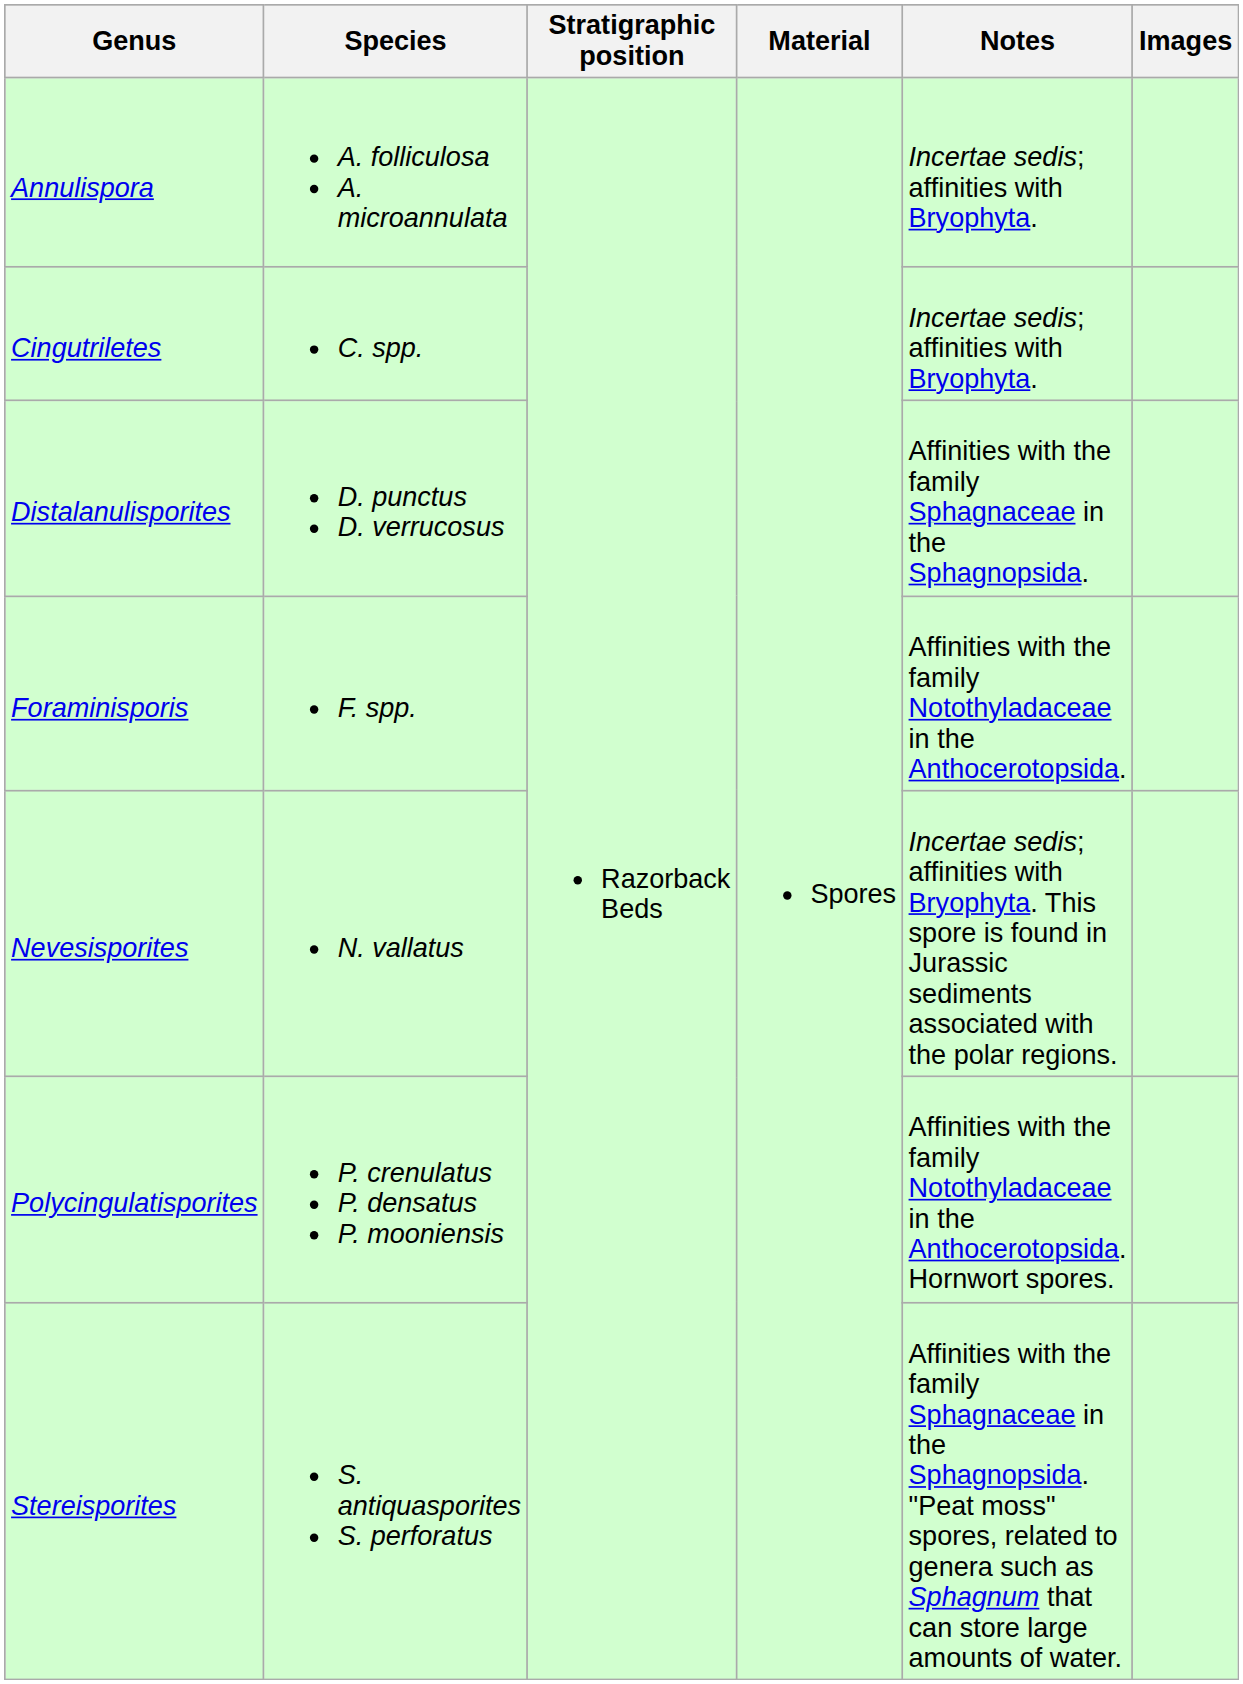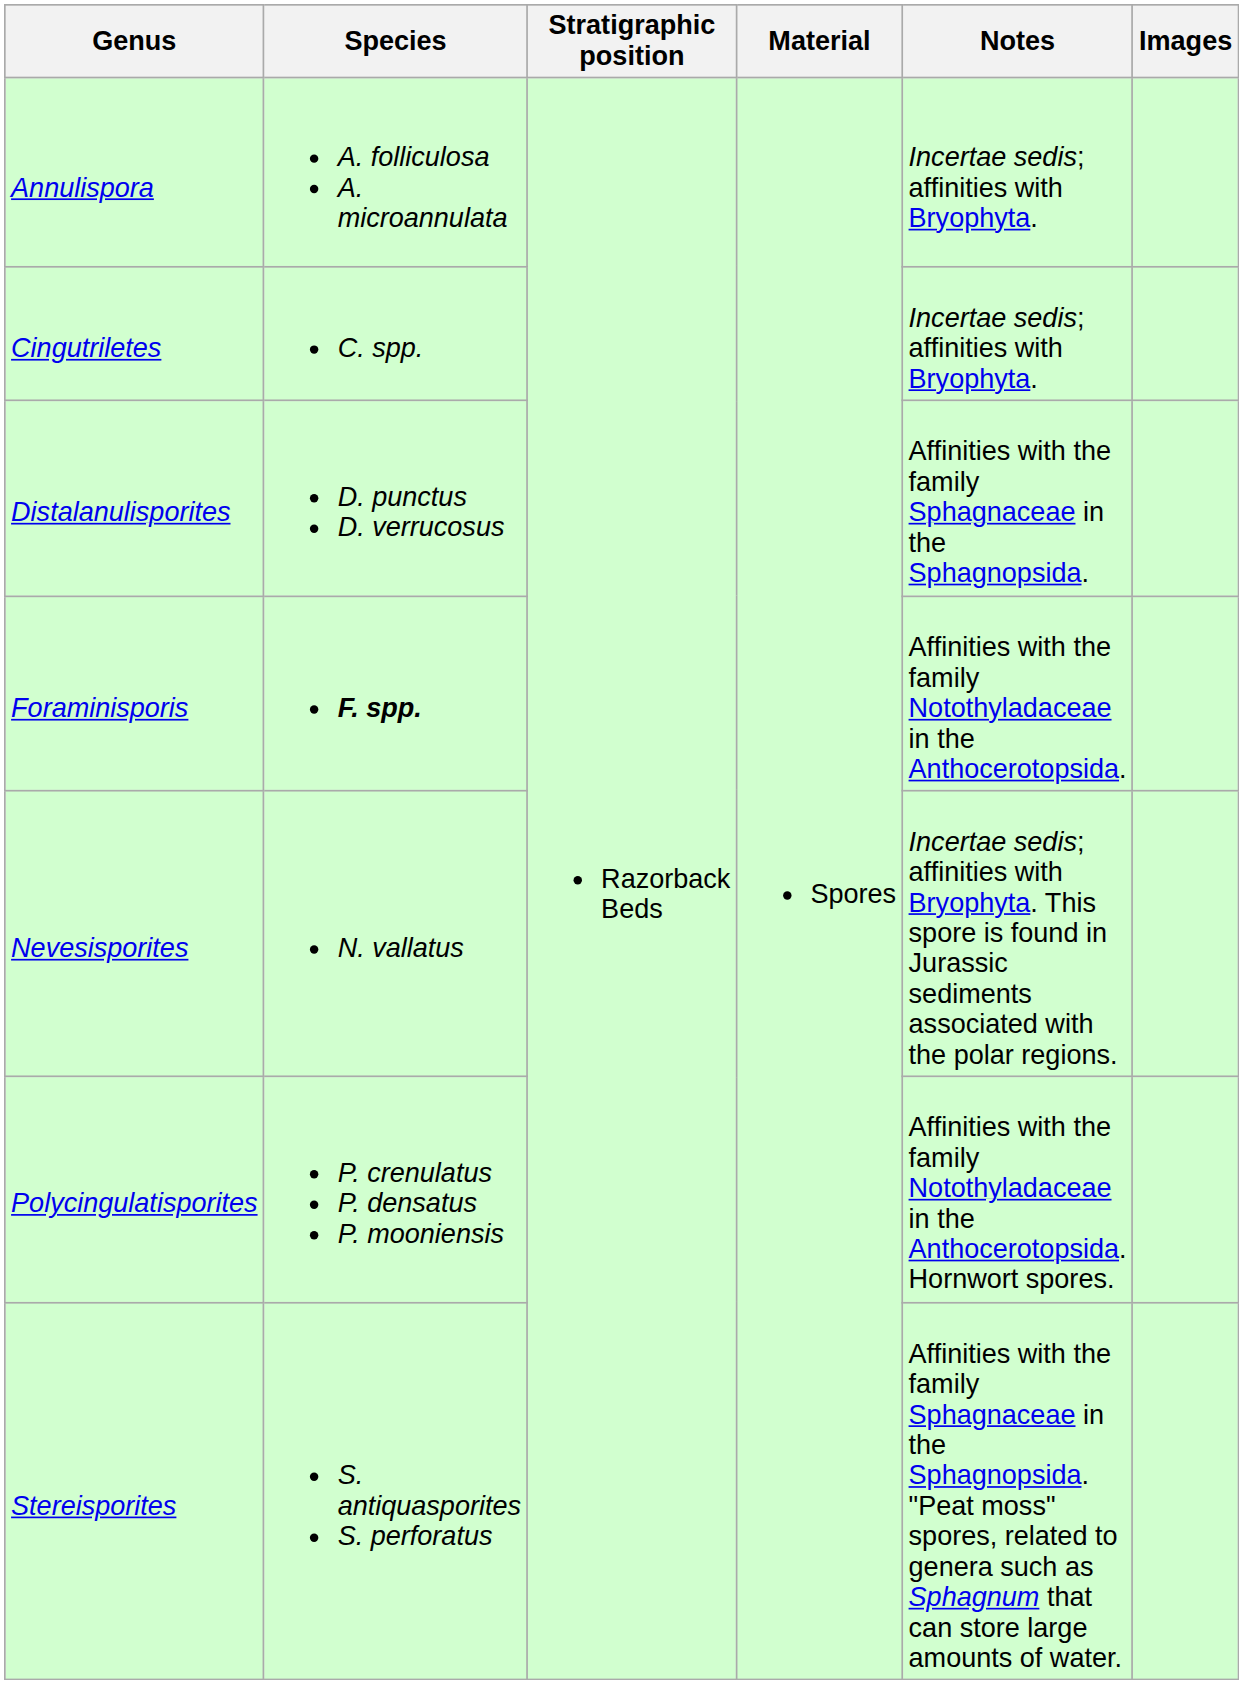 <table class = "wikitable">
 <tr>
 <th>Genus</th>
 <th>Species</th>
 <th>Stratigraphic position</th>
 <th>Material</th>
 <th>Notes</th>
 <th>Images</th>
 </tr>
 <tr>
 <td style="background:#D1FFCF;"><br><em><a href='#'>Annulispora</a></em></td>
 <td style="background:#D1FFCF;"><br><ul><li><em>A. folliculosa</em></li><li><em>A. microannulata</em></li></ul></td>
 <td rowspan="7" style="background:#D1FFCF;"><br><ul><li>Razorback Beds</li></ul></td>
 <td rowspan="7" style="background:#D1FFCF;"><br><ul><li>Spores</li></ul></td>
 <td style="background:#D1FFCF;"><br><em>Incertae sedis</em>; affinities with <a href='#'>Bryophyta</a>.</td>
 <td style="background:#D1FFCF;"></td>
 </tr>
 <tr>
 <td style="background:#D1FFCF;"><br><em><a href='#'>Cingutriletes</a></em></td>
 <td style="background:#D1FFCF;"><br><ul><li><em>C. spp.</em></li></ul></td>
 <td style="background:#D1FFCF;"><br><em>Incertae sedis</em>; affinities with <a href='#'>Bryophyta</a>.</td>
 <td style="background:#D1FFCF;"></td>
 </tr>
 <tr>
 <td style="background:#D1FFCF;"><br><em><a href='#'>Distalanulisporites</a></em></td>
 <td style="background:#D1FFCF;"><br><ul><li><em>D. punctus</em></li><li><em>D. verrucosus</em></li></ul></td>
 <td style="background:#D1FFCF;"><br>Affinities with the family <a href='#'>Sphagnaceae</a> in the <a href='#'>Sphagnopsida</a>.</td>
 <td style="background:#D1FFCF;"></td>
 </tr>
 <tr>
 <td style="background:#D1FFCF;"><br><em><a href='#'>Foraminisporis</a></em></td>
-<td style="background:#D1FFCF;"><br><ul><li><em>F. spp.</em></li></ul></td>
+<td style="background:#D1FFCF;"><strong><br><ul><li><em>F. spp.</em></li></ul></strong></td>
 <td style="background:#D1FFCF;"><br>Affinities with the family <a href='#'>Notothyladaceae</a> in the <a href='#'>Anthocerotopsida</a>.</td>
 <td style="background:#D1FFCF;"></td>
 </tr>
 <tr>
 <td style="background:#D1FFCF;"><br><em><a href='#'>Nevesisporites</a></em></td>
 <td style="background:#D1FFCF;"><br><ul><li><em>N. vallatus</em></li></ul></td>
 <td style="background:#D1FFCF;"><br><em>Incertae sedis</em>; affinities with <a href='#'>Bryophyta</a>. This spore is found in Jurassic sediments associated with the polar regions.</td>
 <td style="background:#D1FFCF;"></td>
 </tr>
 <tr>
 <td style="background:#D1FFCF;"><br><em><a href='#'>Polycingulatisporites</a></em></td>
 <td style="background:#D1FFCF;"><br><ul><li><em>P. crenulatus</em></li><li><em>P. densatus</em></li><li><em>P. mooniensis</em></li></ul></td>
 <td style="background:#D1FFCF;"><br>Affinities with the family <a href='#'>Notothyladaceae</a> in the <a href='#'>Anthocerotopsida</a>. Hornwort spores.</td>
 <td style="background:#D1FFCF;"><br></td>
 </tr>
 <tr>
 <td style="background:#D1FFCF;"><br><em><a href='#'>Stereisporites</a></em></td>
 <td style="background:#D1FFCF;"><br><ul><li><em>S. antiquasporites</em></li><li><em>S. perforatus</em></li></ul></td>
 <td style="background:#D1FFCF;"><br>Affinities with the family <a href='#'>Sphagnaceae</a> in the <a href='#'>Sphagnopsida</a>. "Peat moss" spores, related to genera such as <em><a href='#'>Sphagnum</a></em> that can store large amounts of water.</td>
 <td style="background:#D1FFCF;"><br></td>
 </tr>
 <tr>
 </tr>
 </table>
